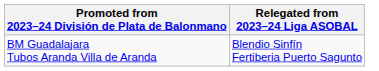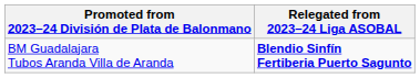 <table class="wikitable">
 <tr>
 <th>Promoted from<br><a href='#'>2023–24 División de Plata de Balonmano</a></th>
 <th>Relegated from<br><a href='#'>2023–24 Liga ASOBAL</a></th>
 </tr>
 <tr>
 <td><a href='#'>BM Guadalajara</a><br><a href='#'>Tubos Aranda Villa de Aranda</a></td>
-<td><a href='#'>Blendio Sinfín</a><br><a href='#'>Fertiberia Puerto Sagunto</a></td>
+<td><strong><a href='#'>Blendio Sinfín</a><br><a href='#'>Fertiberia Puerto Sagunto</a></strong></td>
 </tr>
 </table>
